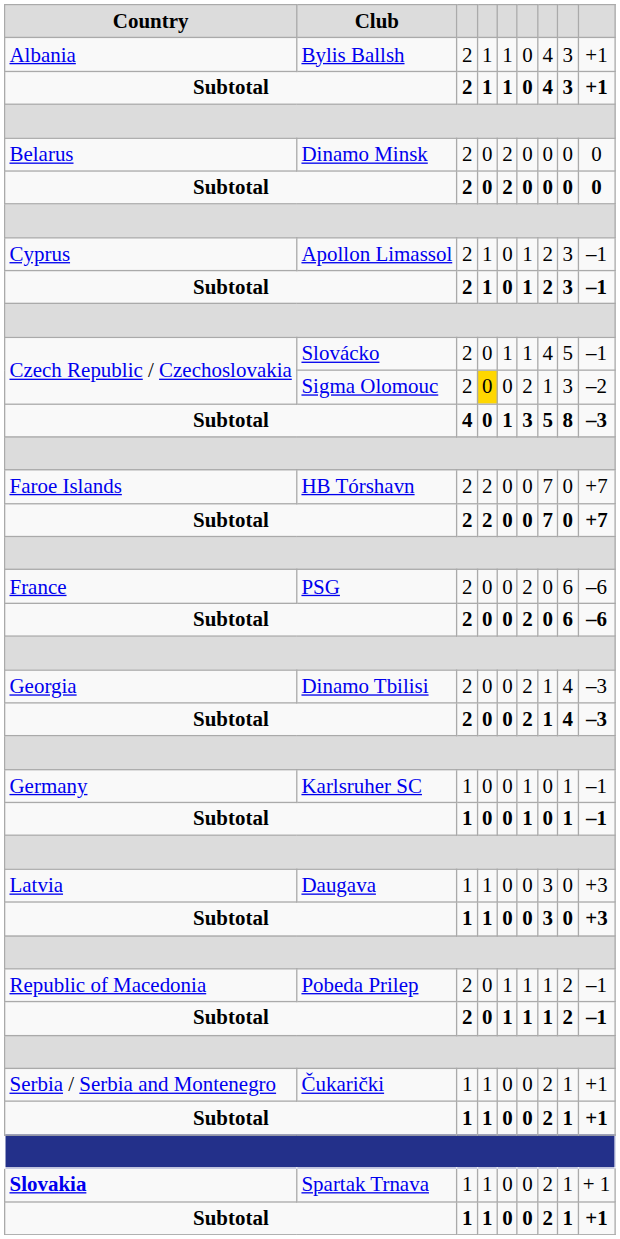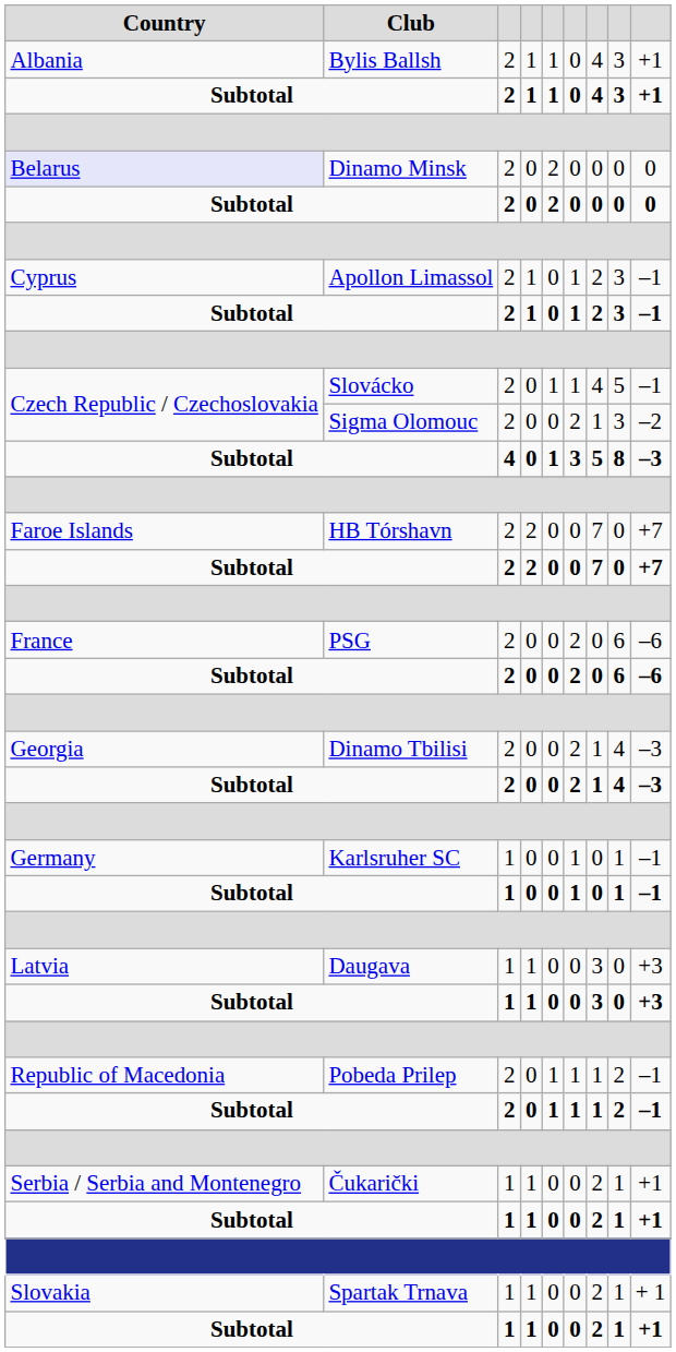 <table class="wikitable" style="text-align: center;">
 <tr>
 <th style="background:#DCDCDC"style="background:#23308A;color:white;border:1px solid white">Country</th>
 <th style="background:#DCDCDC"style="background:#23308A;color:white;border:1px solid white">Club</th>
 <th style="background:#DCDCDC"style="background:#23308A;color:white;border:1px solid white"></th>
 <th style="background:#DCDCDC"style="background:#23308A;color:white;border:1px solid white"></th>
 <th style="background:#DCDCDC"style="background:#23308A;color:white;border:1px solid white"></th>
 <th style="background:#DCDCDC"style="background:#23308A;color:white;border:1px solid white"></th>
 <th style="background:#DCDCDC"style="background:#23308A;color:white;border:1px solid white"></th>
 <th style="background:#DCDCDC"style="background:#23308A;color:white;border:1px solid white"></th>
 <th style="background:#DCDCDC"style="background:#23308A;color:white;border:1px solid white"></th>
 </tr>
 <tr>
 <td align=left> <a href='#'>Albania</a></td>
 <td align=left><a href='#'>Bylis Ballsh</a></td>
 <td>2</td>
 <td>1</td>
 <td>1</td>
 <td>0</td>
 <td>4</td>
 <td>3</td>
 <td>+1</td>
 </tr>
 <tr>
 <td colspan=2 align-"center"><strong>Subtotal</strong></td>
 <td><strong>2</strong></td>
 <td><strong>1</strong></td>
 <td><strong>1</strong></td>
 <td><strong>0</strong></td>
 <td><strong>4</strong></td>
 <td><strong>3</strong></td>
 <td><strong>+1</strong></td>
 </tr>
 <tr>
 <th colspan=9 height="18" style="background:#DCDCDC"style="background:#23308A;color:white;border:1px solid white"></th>
 </tr>
 <tr>
-<td align=left> <a href='#'>Belarus</a></td>
+<td align=left style="background: lavender;"> <a href='#'>Belarus</a></td>
 <td align=left><a href='#'>Dinamo Minsk</a></td>
 <td>2</td>
 <td>0</td>
 <td>2</td>
 <td>0</td>
 <td>0</td>
 <td>0</td>
 <td>0</td>
 </tr>
 <tr>
 <td colspan=2 align-"center"><strong>Subtotal</strong></td>
 <td><strong>2</strong></td>
 <td><strong>0</strong></td>
 <td><strong>2</strong></td>
 <td><strong>0</strong></td>
 <td><strong>0</strong></td>
 <td><strong>0</strong></td>
 <td><strong>0</strong></td>
 </tr>
 <tr>
 <th colspan=9 height="18" style="background:#DCDCDC"style="background:#23308A;color:white;border:1px solid white"></th>
 </tr>
 <tr>
 <td align=left> <a href='#'>Cyprus</a></td>
 <td align=left><a href='#'>Apollon Limassol</a></td>
 <td>2</td>
 <td>1</td>
 <td>0</td>
 <td>1</td>
 <td>2</td>
 <td>3</td>
 <td>–1</td>
 </tr>
 <tr>
 <td colspan=2 align-"center"><strong>Subtotal</strong></td>
 <td><strong>2</strong></td>
 <td><strong>1</strong></td>
 <td><strong>0</strong></td>
 <td><strong>1</strong></td>
 <td><strong>2</strong></td>
 <td><strong>3</strong></td>
 <td><strong>–1</strong></td>
 </tr>
 <tr>
 <th colspan=9 height="18" style="background:#DCDCDC"style="background:#23308A;color:white;border:1px solid white"></th>
 </tr>
 <tr>
 <td rowspan=2 align=left> <a href='#'>Czech Republic</a> / <a href='#'>Czechoslovakia</a></td>
 <td align=left><a href='#'>Slovácko</a></td>
 <td>2</td>
 <td>0</td>
 <td>1</td>
 <td>1</td>
 <td>4</td>
 <td>5</td>
 <td>–1</td>
 </tr>
 <tr>
 <td align=left><a href='#'>Sigma Olomouc</a></td>
 <td>2</td>
-<td style="background: gold;">0</td>
+<td>0</td>
 <td>0</td>
 <td>2</td>
 <td>1</td>
 <td>3</td>
 <td>–2</td>
 </tr>
 <tr>
 <td colspan=2 align-"center"><strong>Subtotal</strong></td>
 <td><strong>4</strong></td>
 <td><strong>0</strong></td>
 <td><strong>1</strong></td>
 <td><strong>3</strong></td>
 <td><strong>5</strong></td>
 <td><strong>8</strong></td>
 <td><strong>–3</strong></td>
 </tr>
 <tr>
 <th colspan=9 height="18" style="background:#DCDCDC"style="background:#23308A;color:white;border:1px solid white"></th>
 </tr>
 <tr>
 <td align=left> <a href='#'>Faroe Islands</a></td>
 <td align=left><a href='#'>HB Tórshavn</a></td>
 <td>2</td>
 <td>2</td>
 <td>0</td>
 <td>0</td>
 <td>7</td>
 <td>0</td>
 <td>+7</td>
 </tr>
 <tr>
 <td colspan=2 align-"center"><strong>Subtotal</strong></td>
 <td><strong>2</strong></td>
 <td><strong>2</strong></td>
 <td><strong>0</strong></td>
 <td><strong>0</strong></td>
 <td><strong>7</strong></td>
 <td><strong>0</strong></td>
 <td><strong>+7</strong></td>
 </tr>
 <tr>
 <th colspan=9 height="18" style="background:#DCDCDC"style="background:#23308A;color:white;border:1px solid white"></th>
 </tr>
 <tr>
 <td align=left> <a href='#'>France</a></td>
 <td align=left><a href='#'>PSG</a></td>
 <td>2</td>
 <td>0</td>
 <td>0</td>
 <td>2</td>
 <td>0</td>
 <td>6</td>
 <td>–6</td>
 </tr>
 <tr>
 <td colspan=2 align-"center"><strong>Subtotal</strong></td>
 <td><strong>2</strong></td>
 <td><strong>0</strong></td>
 <td><strong>0</strong></td>
 <td><strong>2</strong></td>
 <td><strong>0</strong></td>
 <td><strong>6</strong></td>
 <td><strong>–6</strong></td>
 </tr>
 <tr>
 <th colspan=9 height="18" style="background:#DCDCDC"style="background:#23308A;color:white;border:1px solid white"></th>
 </tr>
 <tr>
 <td align=left> <a href='#'>Georgia</a></td>
 <td align=left><a href='#'>Dinamo Tbilisi</a></td>
 <td>2</td>
 <td>0</td>
 <td>0</td>
 <td>2</td>
 <td>1</td>
 <td>4</td>
 <td>–3</td>
 </tr>
 <tr>
 <td colspan=2 align-"center"><strong>Subtotal</strong></td>
 <td><strong>2</strong></td>
 <td><strong>0</strong></td>
 <td><strong>0</strong></td>
 <td><strong>2</strong></td>
 <td><strong>1</strong></td>
 <td><strong>4</strong></td>
 <td><strong>–3</strong></td>
 </tr>
 <tr>
 <th colspan=9 height="18" style="background:#DCDCDC"style="background:#23308A;color:white;border:1px solid white"></th>
 </tr>
 <tr>
 <td align=left> <a href='#'>Germany</a></td>
 <td align=left><a href='#'>Karlsruher SC</a></td>
 <td>1</td>
 <td>0</td>
 <td>0</td>
 <td>1</td>
 <td>0</td>
 <td>1</td>
 <td>–1</td>
 </tr>
 <tr>
 <td colspan=2 align-"center"><strong>Subtotal</strong></td>
 <td><strong>1</strong></td>
 <td><strong>0</strong></td>
 <td><strong>0</strong></td>
 <td><strong>1</strong></td>
 <td><strong>0</strong></td>
 <td><strong>1</strong></td>
 <td><strong>–1</strong></td>
 </tr>
 <tr>
 <th colspan=9 height="18" style="background:#DCDCDC"style="background:#23308A;color:white;border:1px solid white"></th>
 </tr>
 <tr>
 <td align=left> <a href='#'>Latvia</a></td>
 <td align=left><a href='#'>Daugava</a></td>
 <td>1</td>
 <td>1</td>
 <td>0</td>
 <td>0</td>
 <td>3</td>
 <td>0</td>
 <td>+3</td>
 </tr>
 <tr>
 <td colspan=2 align-"center"><strong>Subtotal</strong></td>
 <td><strong>1</strong></td>
 <td><strong>1</strong></td>
 <td><strong>0</strong></td>
 <td><strong>0</strong></td>
 <td><strong>3</strong></td>
 <td><strong>0</strong></td>
 <td><strong>+3</strong></td>
 </tr>
 <tr>
 <th colspan=9 height="18" style="background:#DCDCDC"style="background:#23308A;color:white;border:1px solid white"></th>
 </tr>
 <tr>
 <td align=left> <a href='#'>Republic of Macedonia</a></td>
 <td align=left><a href='#'>Pobeda Prilep</a></td>
 <td>2</td>
 <td>0</td>
 <td>1</td>
 <td>1</td>
 <td>1</td>
 <td>2</td>
 <td>–1</td>
 </tr>
 <tr>
 <td colspan=2 align-"center"><strong>Subtotal</strong></td>
 <td><strong>2</strong></td>
 <td><strong>0</strong></td>
 <td><strong>1</strong></td>
 <td><strong>1</strong></td>
 <td><strong>1</strong></td>
 <td><strong>2</strong></td>
 <td><strong>–1</strong></td>
 </tr>
 <tr>
 <th colspan=9 height="18" style="background:#DCDCDC"style="background:#23308A;color:white;border:1px solid white"></th>
 </tr>
 <tr>
 <td align=left> <a href='#'>Serbia</a> /  <a href='#'>Serbia and Montenegro</a></td>
 <td align=left><a href='#'>Čukarički</a></td>
 <td>1</td>
 <td>1</td>
 <td>0</td>
 <td>0</td>
 <td>2</td>
 <td>1</td>
 <td>+1</td>
 </tr>
 <tr>
 <td colspan=2 align-"center"><strong>Subtotal</strong></td>
 <td><strong>1</strong></td>
 <td><strong>1</strong></td>
 <td><strong>0</strong></td>
 <td><strong>0</strong></td>
 <td><strong>2</strong></td>
 <td><strong>1</strong></td>
 <td><strong>+1</strong></td>
 </tr>
 <tr>
 <th colspan=9 height="18" sstyle="background:#DCDCDC"style="background:#23308A;color:white;border:1px solid white"></th>
 </tr>
 <tr>
-<td align=left><strong> <a href='#'>Slovakia</a></strong></td>
+<td align=left> <a href='#'>Slovakia</a></td>
 <td align=left><a href='#'>Spartak Trnava</a></td>
 <td>1</td>
 <td>1</td>
 <td>0</td>
 <td>0</td>
 <td>2</td>
 <td>1</td>
 <td>+ 1</td>
 </tr>
 <tr>
 <td colspan=2 align-"center"><strong>Subtotal</strong></td>
 <td><strong>1</strong></td>
 <td><strong>1</strong></td>
 <td><strong>0</strong></td>
 <td><strong>0</strong></td>
 <td><strong>2</strong></td>
 <td><strong>1</strong></td>
 <td><strong>+1</strong></td>
 </tr>
 </table>
